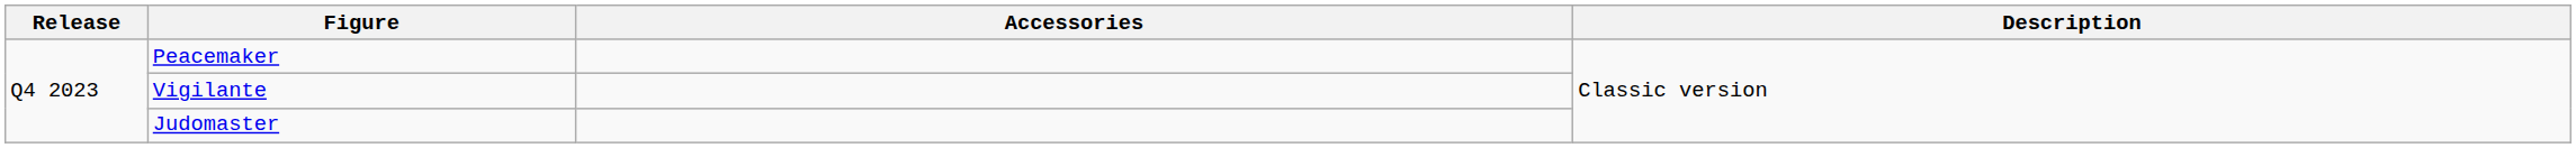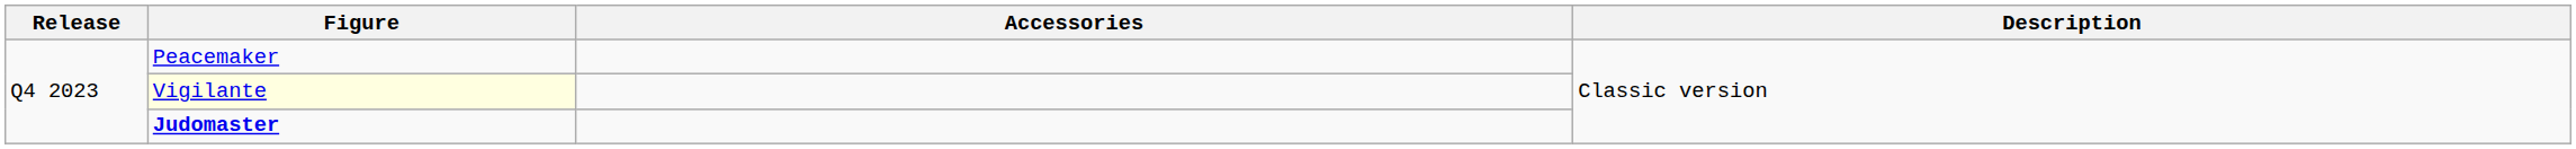 <table class="wikitable" style="width:100%;">
 <tr>
 <th width=5%>Release</th>
 <th width=15%><strong>Figure</strong></th>
 <th width=35%><strong>Accessories</strong></th>
 <th width=35%><strong>Description</strong></th>
 </tr>
 <tr>
 <td rowspan=3>Q4 2023</td>
 <td><a href='#'>Peacemaker</a></td>
 <td></td>
 <td rowspan=3>Classic version</td>
 </tr>
 <tr>
-<td><a href='#'>Vigilante</a></td>
+<td style="background: lightyellow;"><a href='#'>Vigilante</a></td>
 <td></td>
 </tr>
 <tr>
-<td><a href='#'>Judomaster</a></td>
+<td><strong><a href='#'>Judomaster</a></strong></td>
 <td></td>
 </tr>
 </table>
